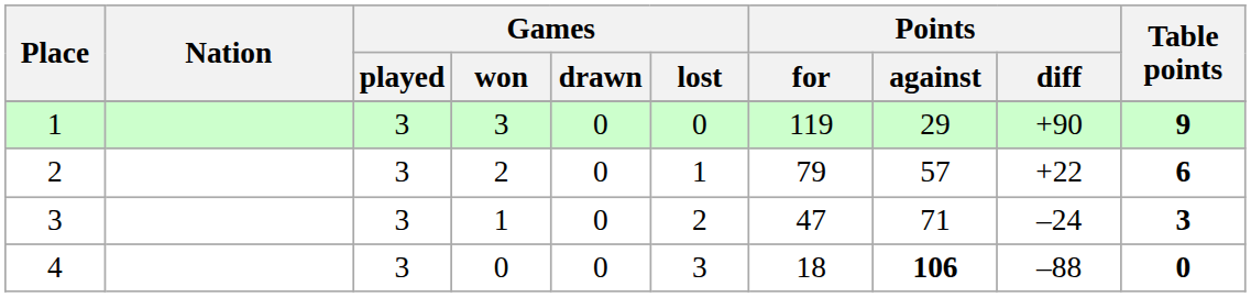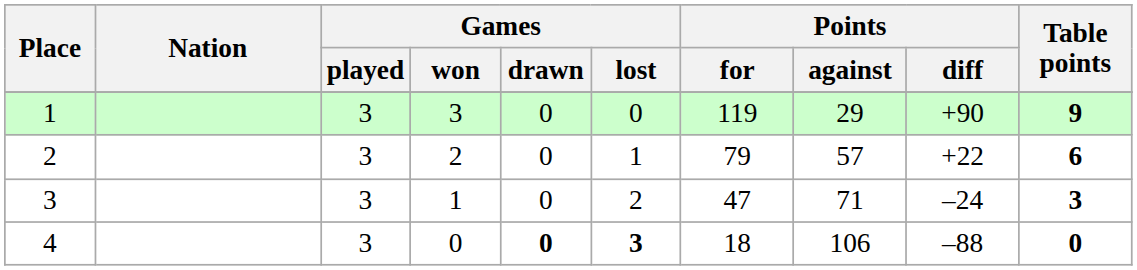 <table class="wikitable">
 <tr>
 <th rowspan=2 width="8%">Place</th>
 <th rowspan=2 width="20%">Nation</th>
 <th colspan=4 width="32%">Games</th>
 <th colspan=3 width="30%">Points</th>
 <th rowspan=2 width="10%">Table<br>points</th>
 </tr>
 <tr>
 <th width="8%">played</th>
 <th width="8%">won</th>
 <th width="8%">drawn</th>
 <th width="8%">lost</th>
 <th width="10%">for</th>
 <th width="10%">against</th>
 <th width="10%">diff</th>
 </tr>
 <tr>
 </tr>
 <tr bgcolor=ccffcc align=center>
 <td>1</td>
 <td align=left></td>
 <td>3</td>
 <td>3</td>
 <td>0</td>
 <td>0</td>
 <td>119</td>
 <td>29</td>
 <td>+90</td>
 <td><strong>9</strong></td>
 </tr>
 <tr bgcolor=#ffffff align=center>
 <td>2</td>
 <td align=left></td>
 <td>3</td>
 <td>2</td>
 <td>0</td>
 <td>1</td>
 <td>79</td>
 <td>57</td>
 <td>+22</td>
 <td><strong>6</strong></td>
 </tr>
 <tr bgcolor=#ffffff align=center>
 <td>3</td>
 <td align=left></td>
 <td>3</td>
 <td>1</td>
 <td>0</td>
 <td>2</td>
 <td>47</td>
 <td>71</td>
 <td>–24</td>
 <td><strong>3</strong></td>
 </tr>
 <tr bgcolor=#ffffff align=center>
 <td>4</td>
 <td align=left></td>
 <td>3</td>
 <td>0</td>
-<td>0</td>
-<td>3</td>
+<td><strong>0</strong></td>
+<td><strong>3</strong></td>
 <td>18</td>
-<td><strong>106</strong></td>
+<td>106</td>
 <td>–88</td>
 <td><strong>0</strong></td>
 </tr>
 </table>
